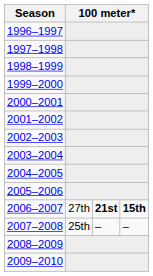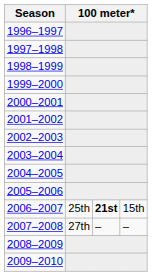 <table class="wikitable" style="display: inline-table;">
 <tr>
 <th>Season</th>
 <th colspan="3">100 meter*</th>
 </tr>
 <tr>
 <td><a href='#'>1996–1997</a></td>
 <td colspan="3" bgcolor=#EEEEEE></td>
 </tr>
 <tr>
 <td><a href='#'>1997–1998</a></td>
 <td colspan="3" bgcolor=#EEEEEE></td>
 </tr>
 <tr>
 <td><a href='#'>1998–1999</a></td>
 <td colspan="3" bgcolor=#EEEEEE></td>
 </tr>
 <tr>
 <td><a href='#'>1999–2000</a></td>
 <td colspan="3" bgcolor=#EEEEEE></td>
 </tr>
 <tr>
 <td><a href='#'>2000–2001</a></td>
 <td colspan="3" bgcolor=#EEEEEE></td>
 </tr>
 <tr>
 <td><a href='#'>2001–2002</a></td>
 <td colspan="3" bgcolor=#EEEEEE></td>
 </tr>
 <tr>
 <td><a href='#'>2002–2003</a></td>
 <td colspan="3" bgcolor=#EEEEEE></td>
 </tr>
 <tr>
 <td><a href='#'>2003–2004</a></td>
 <td colspan="3" bgcolor=#EEEEEE></td>
 </tr>
 <tr>
 <td><a href='#'>2004–2005</a></td>
 <td colspan="3" bgcolor=#EEEEEE></td>
 </tr>
 <tr>
 <td><a href='#'>2005–2006</a></td>
 <td colspan="3" bgcolor=#EEEEEE></td>
 </tr>
 <tr>
 <td><a href='#'>2006–2007</a></td>
-<td>27th</td>
+<td>25th</td>
 <td><strong>21st</strong></td>
-<td><strong>15th</strong></td>
+<td>15th</td>
 </tr>
 <tr>
 <td><a href='#'>2007–2008</a></td>
-<td>25th</td>
+<td>27th</td>
 <td>–</td>
 <td>–</td>
 </tr>
 <tr>
 <td><a href='#'>2008–2009</a></td>
 <td colspan="3" bgcolor=#EEEEEE></td>
 </tr>
 <tr>
 <td><a href='#'>2009–2010</a></td>
 <td colspan="3" bgcolor=#EEEEEE></td>
 </tr>
 </table>
